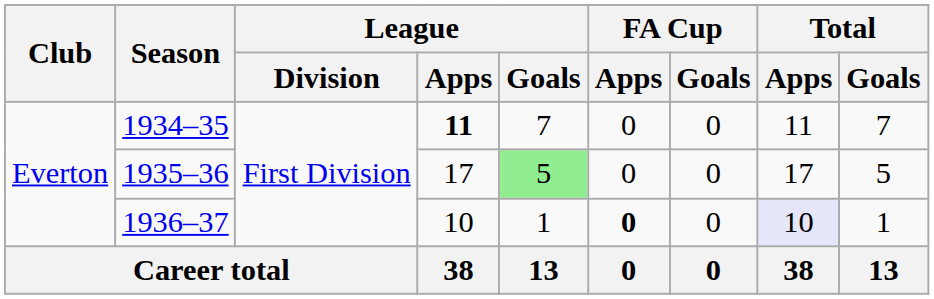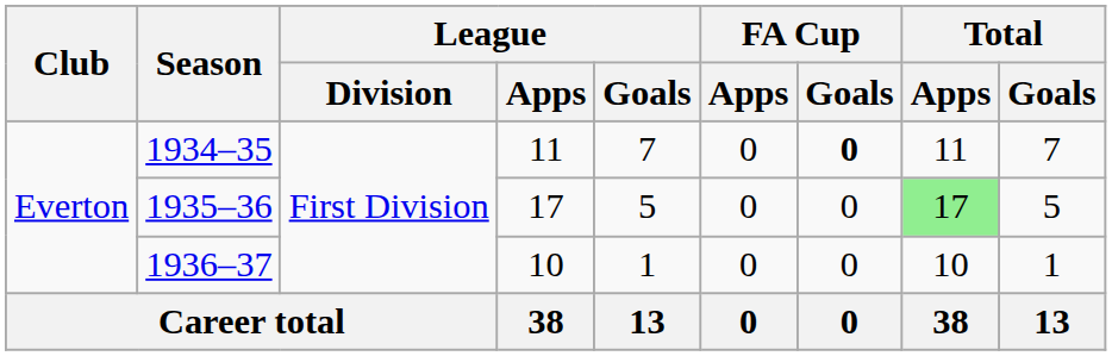 <table class="wikitable" style="text-align: center;">
 <tr>
 <th rowspan="2">Club</th>
 <th rowspan="2">Season</th>
 <th colspan="3">League</th>
 <th colspan="2">FA Cup</th>
 <th colspan="2">Total</th>
 </tr>
 <tr>
 <th>Division</th>
 <th>Apps</th>
 <th>Goals</th>
 <th>Apps</th>
 <th>Goals</th>
 <th>Apps</th>
 <th>Goals</th>
 </tr>
 <tr>
 <td rowspan="3"><a href='#'>Everton</a></td>
 <td><a href='#'>1934–35</a></td>
 <td rowspan="3"><a href='#'>First Division</a></td>
-<td><strong>11</strong></td>
+<td>11</td>
 <td>7</td>
 <td>0</td>
-<td>0</td>
+<td><strong>0</strong></td>
 <td>11</td>
 <td>7</td>
 </tr>
 <tr>
 <td><a href='#'>1935–36</a></td>
 <td>17</td>
-<td style="background: lightgreen;">5</td>
+<td>5</td>
 <td>0</td>
 <td>0</td>
-<td>17</td>
+<td style="background: lightgreen;">17</td>
 <td>5</td>
 </tr>
 <tr>
 <td><a href='#'>1936–37</a></td>
 <td>10</td>
 <td>1</td>
-<td><strong>0</strong></td>
 <td>0</td>
-<td style="background: lavender;">10</td>
+<td>0</td>
+<td>10</td>
 <td>1</td>
 </tr>
 <tr>
 <th colspan="3">Career total</th>
 <th>38</th>
 <th>13</th>
 <th>0</th>
 <th>0</th>
 <th>38</th>
 <th>13</th>
 </tr>
 </table>
